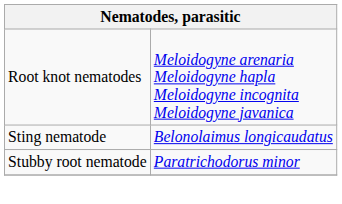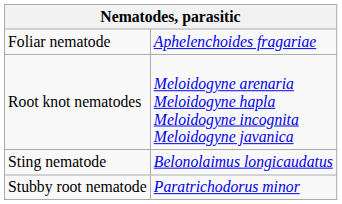 <table class="wikitable" style="clear:left">
 <tr>
 <th colspan=2><strong>Nematodes, parasitic</strong><br></th>
+</tr>
+<tr>
+<td>Foliar nematode</td>
+<td><em><a href='#'>Aphelenchoides fragariae</a></em><br></td>
 </tr>
 <tr>
 <td>Root knot nematodes</td>
 <td><br><em><a href='#'>Meloidogyne arenaria</a></em><br> <em><a href='#'>Meloidogyne hapla</a></em><br> <em><a href='#'>Meloidogyne incognita</a></em><br> <em><a href='#'>Meloidogyne javanica</a></em></td>
 </tr>
 <tr>
 <td>Sting nematode</td>
 <td><em><a href='#'>Belonolaimus longicaudatus</a></em></td>
 </tr>
 <tr>
 <td>Stubby root nematode</td>
 <td><em><a href='#'>Paratrichodorus minor</a></em></td>
 </tr>
 <tr>
 </tr>
 </table>
